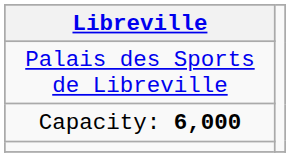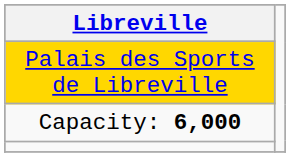 <table class="wikitable" style="text-align:center" align=center>
 <tr>
 <th><a href='#'>Libreville</a></th>
 <td rowspan=6></td>
 </tr>
 <tr>
-<td width=150px><a href='#'>Palais des Sports de Libreville</a></td>
+<td width=150px style="background: gold;"><a href='#'>Palais des Sports de Libreville</a></td>
 </tr>
 <tr>
 <td>Capacity: <strong>6,000</strong></td>
 </tr>
 <tr>
 <td></td>
 </tr>
 </table>
